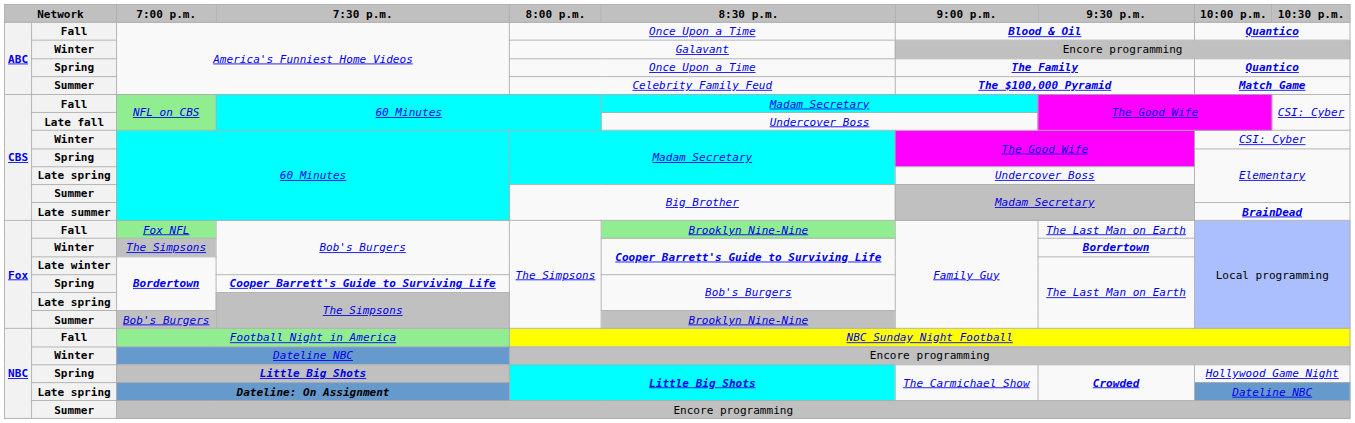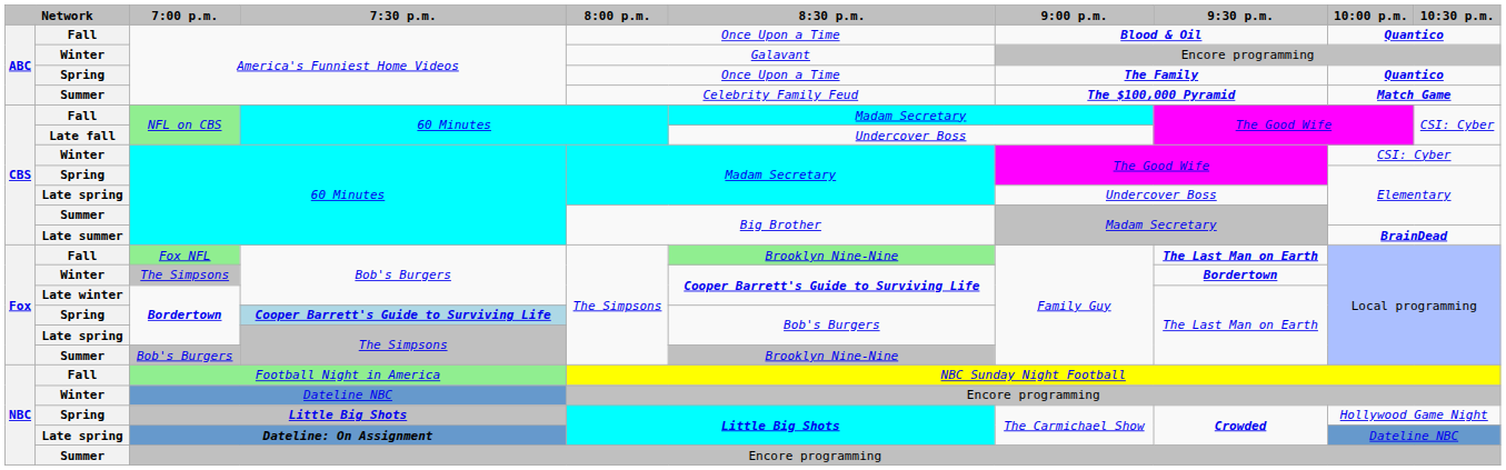 <table class="wikitable" style="width:100%;margin-right:0;text-align:center">
 <tr>
 <th colspan="2" style="background-color:#C0C0C0;text-align:center">Network</th>
 <th style="background-color:#C0C0C0;text-align:center">7:00 p.m.</th>
 <th style="background-color:#C0C0C0;text-align:center">7:30 p.m.</th>
 <th style="background-color:#C0C0C0;text-align:center">8:00 p.m.</th>
 <th style="background-color:#C0C0C0;text-align:center">8:30 p.m.</th>
 <th style="background-color:#C0C0C0;text-align:center">9:00 p.m.</th>
 <th style="background-color:#C0C0C0;text-align:center">9:30 p.m.</th>
 <th style="background-color:#C0C0C0;text-align:center">10:00 p.m.</th>
 <th style="background-color:#C0C0C0;text-align:center">10:30 p.m.</th>
 </tr>
 <tr>
 <th rowspan="4"><a href='#'>ABC</a></th>
 <th>Fall</th>
 <td colspan="2" rowspan="4"><em><a href='#'>America's Funniest Home Videos</a></em></td>
 <td colspan="2"><em><a href='#'>Once Upon a Time</a></em></td>
 <td colspan="2"><strong><em><a href='#'>Blood & Oil</a></em></strong></td>
 <td colspan="2"><strong><em><a href='#'>Quantico</a></em></strong></td>
 </tr>
 <tr>
 <th>Winter</th>
 <td colspan="2"><em><a href='#'>Galavant</a></em></td>
 <td style="background:#C0C0C0;" colspan="4">Encore programming</td>
 </tr>
 <tr>
 <th>Spring</th>
 <td colspan="2"><em><a href='#'>Once Upon a Time</a></em></td>
 <td colspan="2"><strong><em><a href='#'>The Family</a></em></strong></td>
 <td colspan="2"><strong><em><a href='#'>Quantico</a></em></strong></td>
 </tr>
 <tr>
 <th>Summer</th>
 <td colspan="2"><em><a href='#'>Celebrity Family Feud</a></em></td>
 <td colspan="2"><strong><em><a href='#'>The $100,000 Pyramid</a></em></strong></td>
 <td colspan="2"><strong><em><a href='#'>Match Game</a></em></strong></td>
 </tr>
 <tr>
 <th rowspan="7"><a href='#'>CBS</a></th>
 <th>Fall</th>
 <td rowspan="2" style="background:lightgreen;"><em><a href='#'>NFL on CBS</a></em></td>
 <td rowspan="2" colspan="2" style="background:#00FFFF;"><em><a href='#'>60 Minutes</a></em> </td>
 <td colspan="2" style="background:#00FFFF;"><em><a href='#'>Madam Secretary</a></em> </td>
 <td rowspan="2" colspan="2" style="background:#FF00FF;"><em><a href='#'>The Good Wife</a></em> </td>
 <td rowspan="2"><em><a href='#'>CSI: Cyber</a></em> </td>
 </tr>
 <tr>
 <th>Late fall</th>
 <td colspan="2"><em><a href='#'>Undercover Boss</a></em></td>
 </tr>
 <tr>
 <th>Winter</th>
 <td rowspan="5" colspan="2" style="background:#00FFFF;"><em><a href='#'>60 Minutes</a></em> </td>
 <td rowspan="3" colspan="2" style="background:#00FFFF;"><em><a href='#'>Madam Secretary</a></em> </td>
 <td rowspan="2" colspan="2" style="background:#FF00FF;"><em><a href='#'>The Good Wife</a></em> </td>
 <td colspan="2"><em><a href='#'>CSI: Cyber</a></em></td>
 </tr>
 <tr>
 <th>Spring</th>
 <td rowspan="3" colspan="2"><em><a href='#'>Elementary</a></em></td>
 </tr>
 <tr>
 <th>Late spring</th>
 <td colspan="2"><em><a href='#'>Undercover Boss</a></em></td>
 </tr>
 <tr>
 <th>Summer</th>
 <td rowspan="2" colspan="2"><em><a href='#'>Big Brother</a></em></td>
 <td style="background:#C0C0C0;" rowspan="2" colspan="2"><em><a href='#'>Madam Secretary</a></em> </td>
 </tr>
 <tr>
 <th>Late summer</th>
 <td colspan="2"><strong><em><a href='#'>BrainDead</a></em></strong></td>
 </tr>
 <tr>
 <th rowspan="6"><a href='#'>Fox</a></th>
 <th>Fall</th>
 <td bgcolor=lightgreen><em><a href='#'>Fox NFL</a></em></td>
 <td rowspan="3"><em><a href='#'>Bob's Burgers</a></em></td>
 <td rowspan="6"><em><a href='#'>The Simpsons</a></em></td>
 <td style="background: lightgreen;"><em><a href='#'>Brooklyn Nine-Nine</a></em></td>
 <td rowspan="6"><em><a href='#'>Family Guy</a></em></td>
-<td><em><a href='#'>The Last Man on Earth</a></em></td>
+<td><strong><em><a href='#'>The Last Man on Earth</a></em></strong></td>
 <td style="background:#abbfff;" colspan="2" rowspan="6">Local programming</td>
 </tr>
 <tr>
 <th>Winter</th>
 <td style="background:#C0C0C0;"><em><a href='#'>The Simpsons</a></em> </td>
 <td rowspan="2"><strong><em><a href='#'>Cooper Barrett's Guide to Surviving Life</a></em></strong></td>
 <td><strong><em><a href='#'>Bordertown</a></em></strong></td>
 </tr>
 <tr>
 <th>Late winter</th>
 <td rowspan="3"><strong><em><a href='#'>Bordertown</a></em></strong></td>
 <td rowspan="4"><em><a href='#'>The Last Man on Earth</a></em></td>
 </tr>
 <tr>
 <th>Spring</th>
-<td><strong><em><a href='#'>Cooper Barrett's Guide to Surviving Life</a></em></strong></td>
+<td style="background: lightblue;"><strong><em><a href='#'>Cooper Barrett's Guide to Surviving Life</a></em></strong></td>
 <td rowspan="2"><em><a href='#'>Bob's Burgers</a></em></td>
 </tr>
 <tr>
 <th>Late spring</th>
 <td style="background:#C0C0C0;" rowspan="2"><em><a href='#'>The Simpsons</a></em> </td>
 </tr>
 <tr>
 <th>Summer</th>
 <td style="background:#C0C0C0;"><em><a href='#'>Bob's Burgers</a></em> </td>
 <td style="background:#C0C0C0;"><em><a href='#'>Brooklyn Nine-Nine</a></em> </td>
 </tr>
 <tr>
 <th rowspan="6"><a href='#'>NBC</a></th>
 <th>Fall</th>
 <td colspan="2" style="background:lightgreen"><em><a href='#'>Football Night in America</a></em></td>
 <td colspan="6" style="background:#FFFF00;"><em><a href='#'>NBC Sunday Night Football</a></em>   </td>
 </tr>
 <tr>
 <th>Winter</th>
 <td style="background:#6699CC;" colspan="2"><em><a href='#'>Dateline NBC</a></em></td>
 <td style="background:#C0C0C0;" colspan="6">Encore programming</td>
 </tr>
 <tr>
 <th>Spring</th>
 <td style="background:#C0C0C0;" colspan="2"><strong><em><a href='#'>Little Big Shots</a></em></strong> </td>
 <td colspan="2" rowspan="2" style="background:#00FFFF;"><strong><em><a href='#'>Little Big Shots</a></em></strong> </td>
 <td rowspan="2"><em><a href='#'>The Carmichael Show</a></em></td>
 <td rowspan="2"><strong><em><a href='#'>Crowded</a></em></strong></td>
 <td colspan="2"><em><a href='#'>Hollywood Game Night</a></em></td>
 </tr>
 <tr>
 <th>Late spring</th>
 <td style="background:#6699CC;" colspan="2"><strong><em>Dateline: On Assignment</em></strong></td>
 <td style="background:#6699CC;" colspan="2"><em><a href='#'>Dateline NBC</a></em></td>
 </tr>
 <tr>
 <th>Summer</th>
 <td style="background:#C0C0C0;" colspan="8">Encore programming</td>
 </tr>
 </table>
